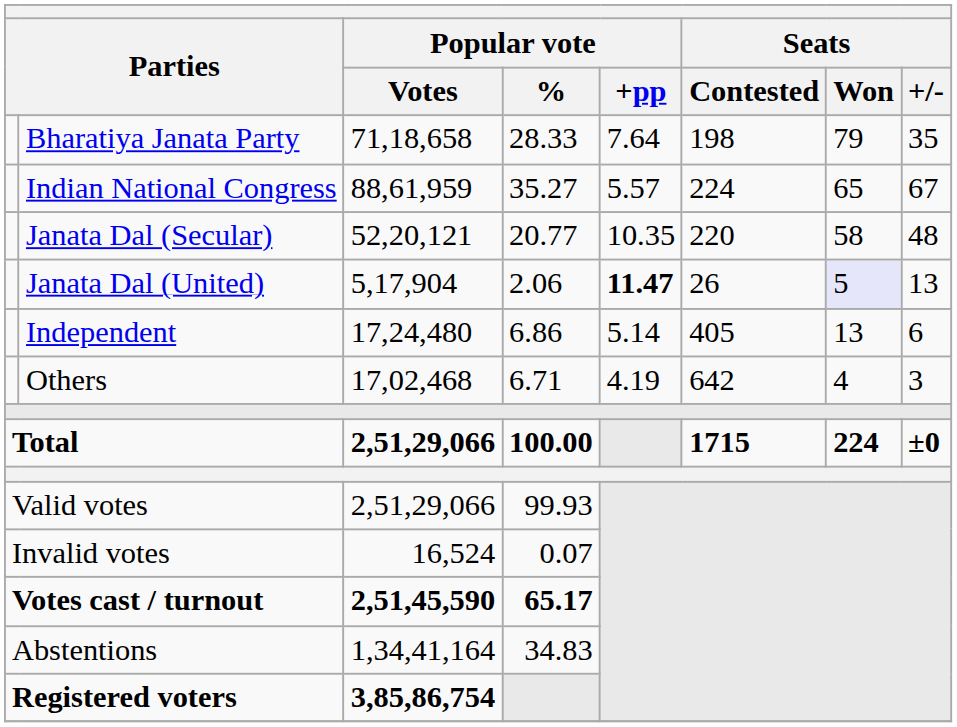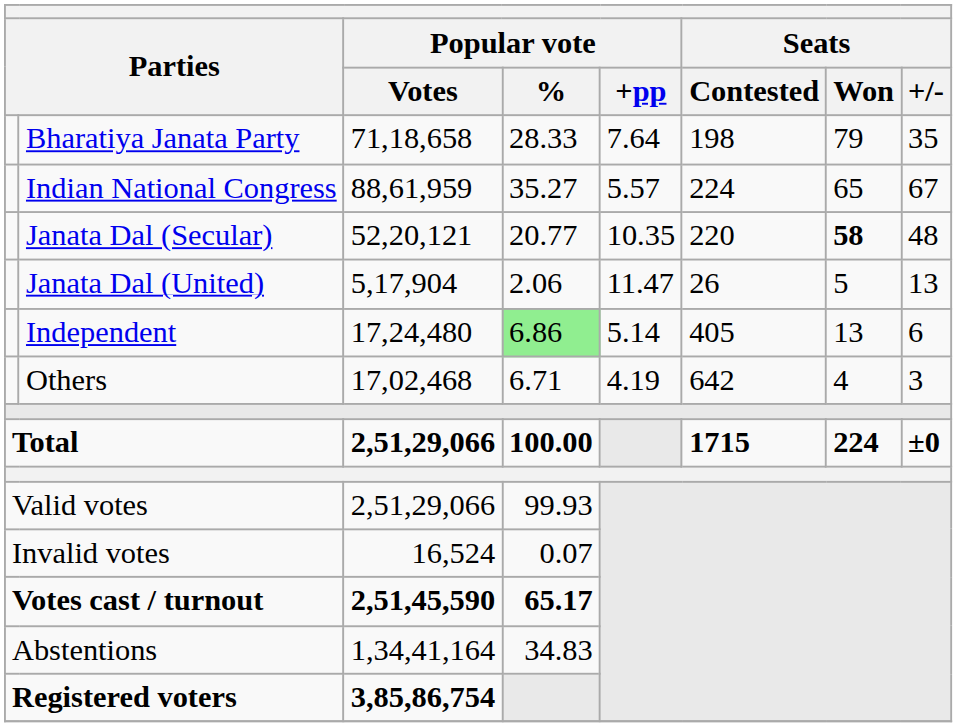 <table class="wikitable">
 <tr>
 <th colspan="13"></th>
 </tr>
 <tr>
 <th colspan="2" rowspan="2">Parties</th>
 <th colspan="3">Popular vote</th>
 <th colspan="3">Seats</th>
 </tr>
 <tr>
 <th>Votes</th>
 <th>%</th>
 <th>+<a href='#'>pp</a></th>
 <th>Contested</th>
 <th>Won</th>
 <th>+/-</th>
 </tr>
 <tr>
 <td style="background-color:"></td>
 <td><a href='#'>Bharatiya Janata Party</a></td>
 <td>71,18,658</td>
 <td>28.33</td>
 <td>7.64</td>
 <td>198</td>
 <td>79</td>
 <td>35</td>
 </tr>
 <tr>
 <td style="background-color:"></td>
 <td><a href='#'>Indian National Congress</a></td>
 <td>88,61,959</td>
 <td>35.27</td>
 <td>5.57</td>
 <td>224</td>
 <td>65</td>
 <td>67</td>
 </tr>
 <tr>
 <td style="background-color:"></td>
 <td><a href='#'>Janata Dal (Secular)</a></td>
 <td>52,20,121</td>
 <td>20.77</td>
 <td>10.35</td>
 <td>220</td>
-<td>58</td>
+<td><strong>58</strong></td>
 <td>48</td>
 </tr>
 <tr>
 <td style="background-color:"></td>
 <td><a href='#'>Janata Dal (United)</a></td>
 <td>5,17,904</td>
 <td>2.06</td>
-<td><strong>11.47</strong></td>
+<td>11.47</td>
 <td>26</td>
-<td style="background: lavender;">5</td>
+<td>5</td>
 <td>13</td>
 </tr>
 <tr>
 <td style="background-color:"></td>
 <td><a href='#'>Independent</a></td>
 <td>17,24,480</td>
-<td>6.86</td>
+<td style="background: lightgreen;">6.86</td>
 <td>5.14</td>
 <td>405</td>
 <td>13</td>
 <td>6</td>
 </tr>
 <tr>
 <td style="background-color:"></td>
 <td>Others</td>
 <td>17,02,468</td>
 <td>6.71</td>
 <td>4.19</td>
 <td>642</td>
 <td>4</td>
 <td>3</td>
 </tr>
 <tr>
 <td colspan="8" bgcolor="#E9E9E9"></td>
 </tr>
 <tr style="font-weight:bold;">
 <td align="left" colspan="2">Total</td>
 <td>2,51,29,066</td>
 <td>100.00</td>
 <td bgcolor="#E9E9E9"></td>
 <td>1715</td>
 <td>224</td>
 <td>±0</td>
 </tr>
 <tr>
 <th colspan="9"></th>
 </tr>
 <tr>
 <td style="text-align:left;" colspan="2">Valid votes</td>
 <td align="right">2,51,29,066</td>
 <td align="right">99.93</td>
 <td colspan="4" rowspan="5" style="background-color:#E9E9E9"></td>
 </tr>
 <tr>
 <td style="text-align:left;" colspan="2">Invalid votes</td>
 <td align="right">16,524</td>
 <td align="right">0.07</td>
 </tr>
 <tr>
 <td style="text-align:left;" colspan="2"><strong>Votes cast / turnout</strong></td>
 <td align="right"><strong>2,51,45,590</strong></td>
 <td align="right"><strong>65.17</strong></td>
 </tr>
 <tr>
 <td style="text-align:left;" colspan="2">Abstentions</td>
 <td align="right">1,34,41,164</td>
 <td align="right">34.83</td>
 </tr>
 <tr>
 <td style="text-align:left;" colspan="2"><strong>Registered voters</strong></td>
 <td align="right"><strong>3,85,86,754</strong></td>
 <td colspan="1" style="background-color:#E9E9E9"></td>
 </tr>
 <tr>
 </tr>
 </table>
